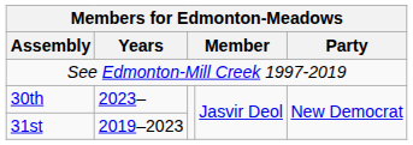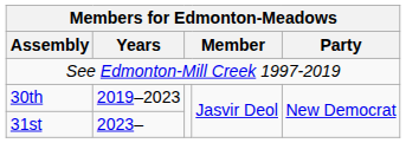 <table class="wikitable" align=right>
 <tr>
 <th colspan=5>Members for Edmonton-Meadows</th>
 </tr>
 <tr>
 <th>Assembly</th>
 <th>Years</th>
 <th colspan="2">Member</th>
 <th>Party</th>
 </tr>
 <tr>
 <td align="center" colspan=5><em>See <a href='#'>Edmonton-Mill Creek</a> 1997-2019</em></td>
 </tr>
 <tr>
 <td><a href='#'>30th</a></td>
-<td><a href='#'>2023</a>–</td>
+<td><a href='#'>2019</a>–2023</td>
 <td rowspan=2 ></td>
 <td rowspan=2><a href='#'>Jasvir Deol</a></td>
 <td rowspan=2><a href='#'>New Democrat</a></td>
 </tr>
 <tr>
 <td><a href='#'>31st</a></td>
-<td><a href='#'>2019</a>–2023</td>
+<td><a href='#'>2023</a>–</td>
 </tr>
 </table>
